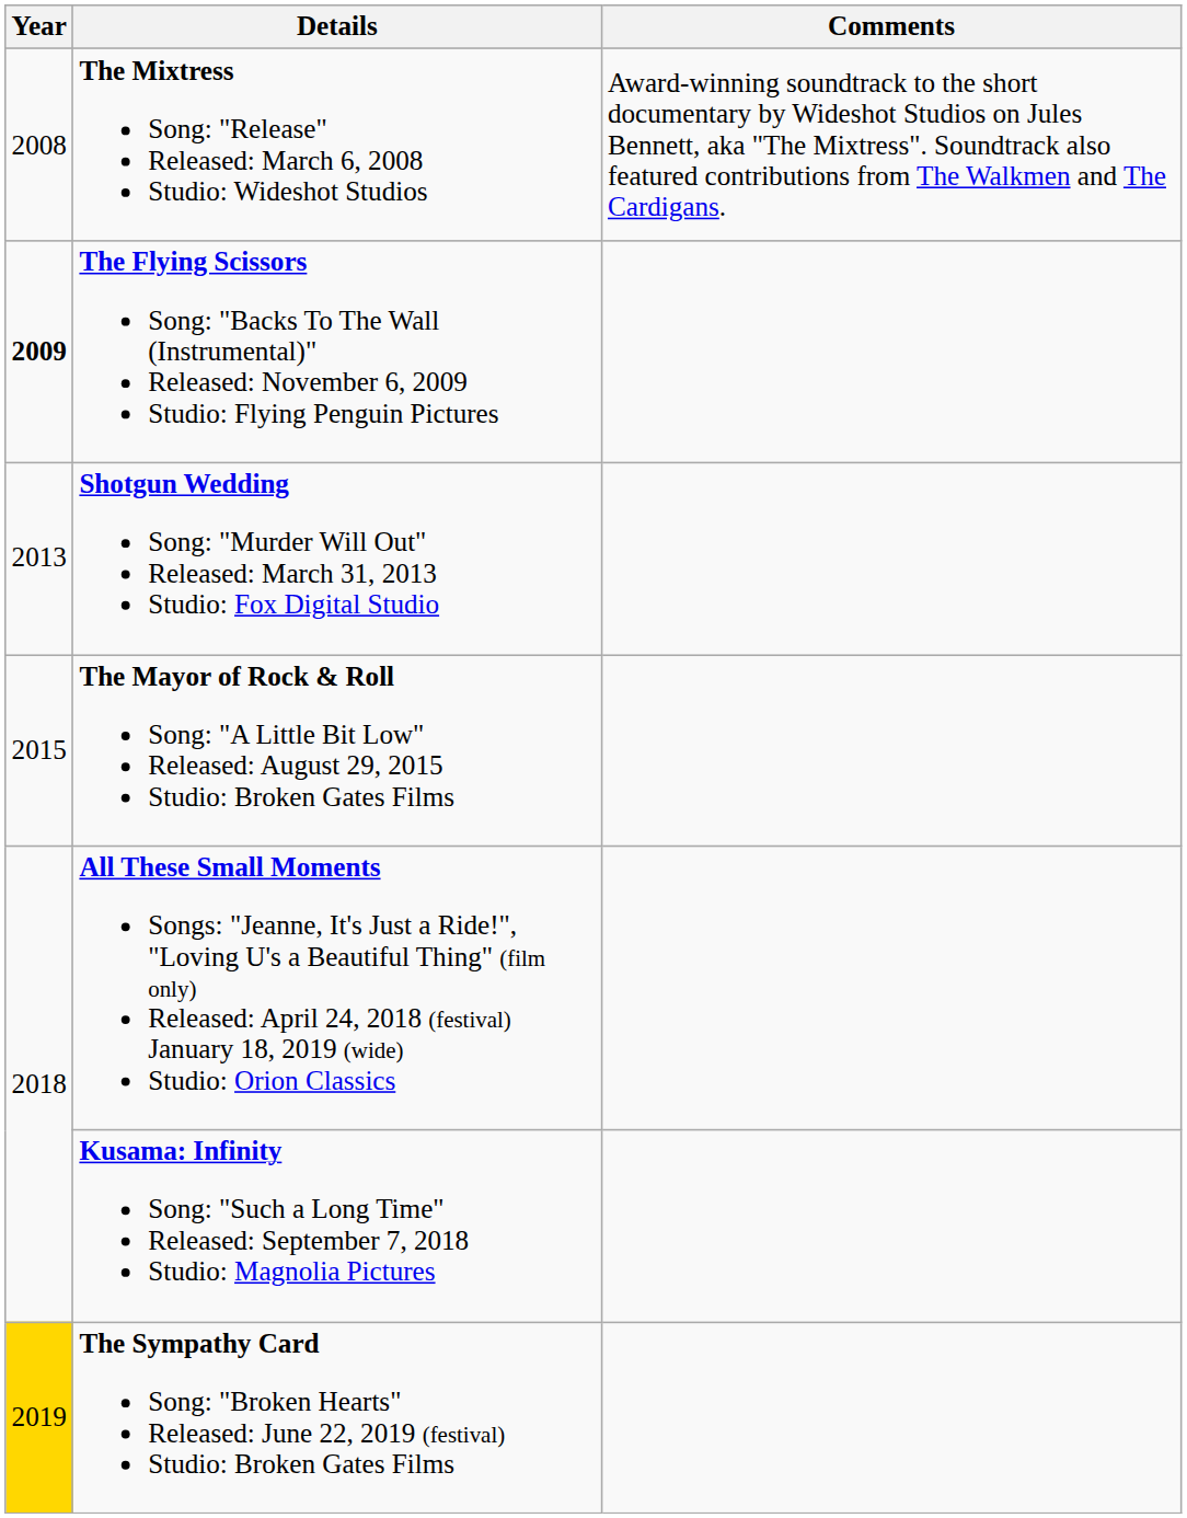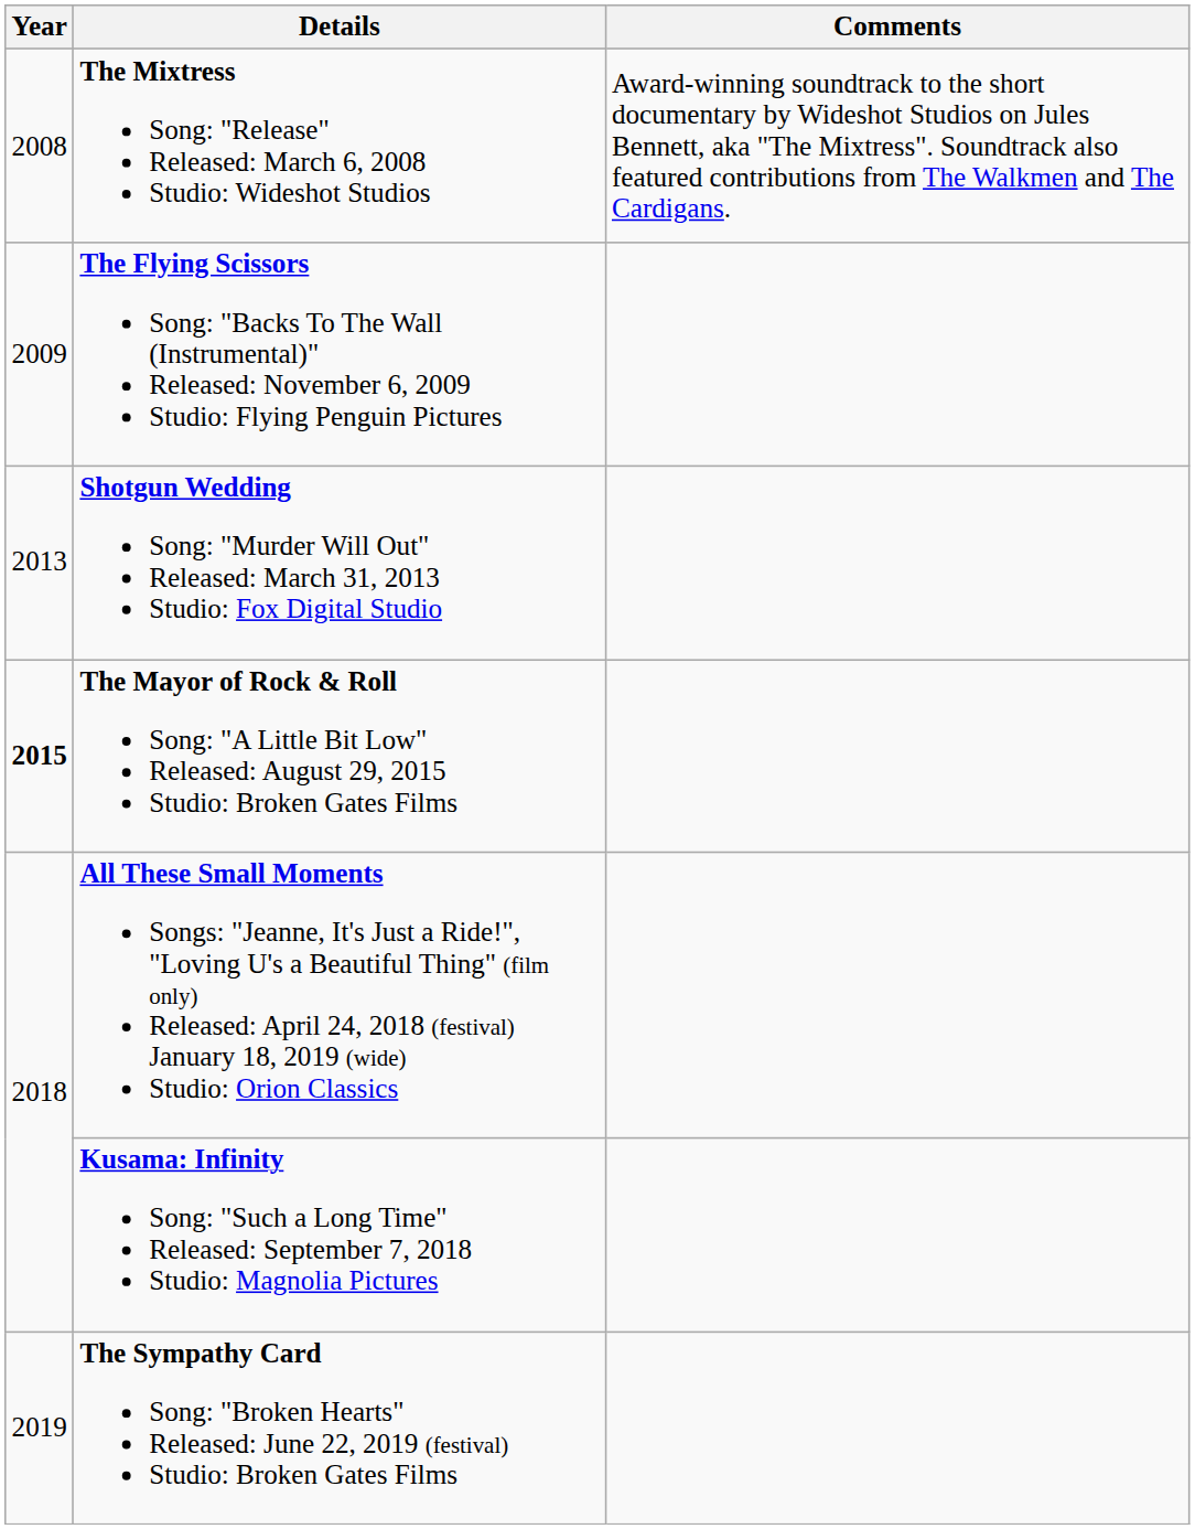 <table class="wikitable sortable">
 <tr>
 <th width="15">Year</th>
 <th width="300">Details</th>
 <th width="330">Comments</th>
 </tr>
 <tr>
 <td>2008</td>
 <td><strong>The Mixtress</strong><br><ul><li>Song: "Release"</li><li>Released: March 6, 2008</li><li>Studio: Wideshot Studios</li></ul></td>
 <td>Award-winning soundtrack to the short documentary by Wideshot Studios on Jules Bennett, aka "The Mixtress". Soundtrack also featured contributions from <a href='#'>The Walkmen</a> and <a href='#'>The Cardigans</a>.</td>
 </tr>
 <tr>
-<td><strong>2009</strong></td>
+<td>2009</td>
 <td><strong><a href='#'>The Flying Scissors</a></strong><br><ul><li>Song: "Backs To The Wall (Instrumental)"</li><li>Released: November 6, 2009</li><li>Studio: Flying Penguin Pictures</li></ul></td>
 <td></td>
 </tr>
 <tr>
 <td>2013</td>
 <td><strong><a href='#'>Shotgun Wedding</a></strong><br><ul><li>Song: "Murder Will Out"</li><li>Released: March 31, 2013</li><li>Studio: <a href='#'>Fox Digital Studio</a></li></ul></td>
 <td></td>
 </tr>
 <tr>
-<td>2015</td>
+<td><strong>2015</strong></td>
 <td><strong>The Mayor of Rock & Roll</strong><br><ul><li>Song: "A Little Bit Low"</li><li>Released: August 29, 2015</li><li>Studio: Broken Gates Films</li></ul></td>
 <td></td>
 </tr>
 <tr>
 <td rowspan="2">2018</td>
 <td><strong><a href='#'>All These Small Moments</a></strong><br><ul><li>Songs: "Jeanne, It's Just a Ride!", "Loving U's a Beautiful Thing" <small>(film only)</small></li><li>Released: April 24, 2018 <small>(festival)</small> January 18, 2019 <small>(wide)</small></li><li>Studio: <a href='#'>Orion Classics</a></li></ul></td>
 <td></td>
 </tr>
 <tr>
 <td><strong><a href='#'>Kusama: Infinity</a></strong><br><ul><li>Song: "Such a Long Time"</li><li>Released: September 7, 2018</li><li>Studio: <a href='#'>Magnolia Pictures</a></li></ul></td>
 <td></td>
 </tr>
 <tr>
-<td style="background: gold;">2019</td>
+<td>2019</td>
 <td><strong>The Sympathy Card</strong><br><ul><li>Song: "Broken Hearts"</li><li>Released: June 22, 2019 <small>(festival)</small></li><li>Studio: Broken Gates Films</li></ul></td>
 <td></td>
 </tr>
 </table>
